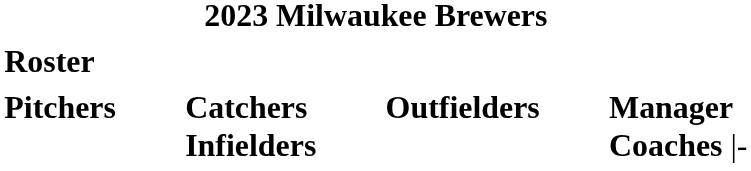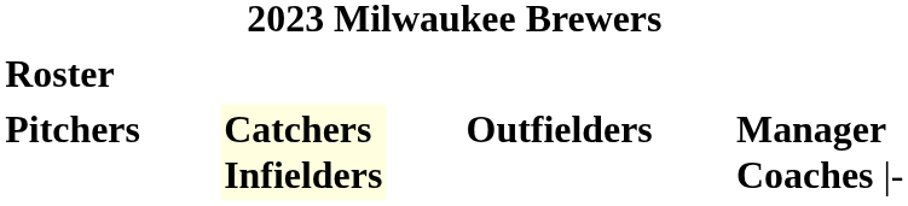 <table class="toccolours" style="font-size: 95%;">
 <tr>
 <th colspan="10">2023 Milwaukee Brewers</th>
 </tr>
 <tr>
 <td colspan="10"><strong>Roster</strong></td>
 </tr>
 <tr>
 <td valign="top"><strong>Pitchers</strong><br>                               </td>
 <td width="25px"></td>
-<td valign="top"><strong>Catchers</strong><br>  <strong>Infielders</strong>               </td>
+<td valign="top" style="background: lightyellow;"><strong>Catchers</strong><br>  <strong>Infielders</strong>               </td>
 <td width="25px"></td>
 <td valign="top"><strong>Outfielders</strong><br>        </td>
 <td width="25px"></td>
 <td valign="top"><strong>Manager</strong><br> <strong>Coaches</strong>                      |-</td>
 </tr>
 </table>
